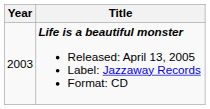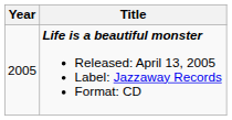 <table class="wikitable">
 <tr>
 <th>Year</th>
 <th style="width:225px;">Title</th>
 </tr>
 <tr>
-<td>2003</td>
+<td>2005</td>
 <td><strong><em>Life is a beautiful monster</em></strong><br><ul><li>Released: April 13, 2005</li><li>Label: <a href='#'>Jazzaway Records</a> </li><li>Format: CD</li></ul></td>
 </tr>
 </table>
